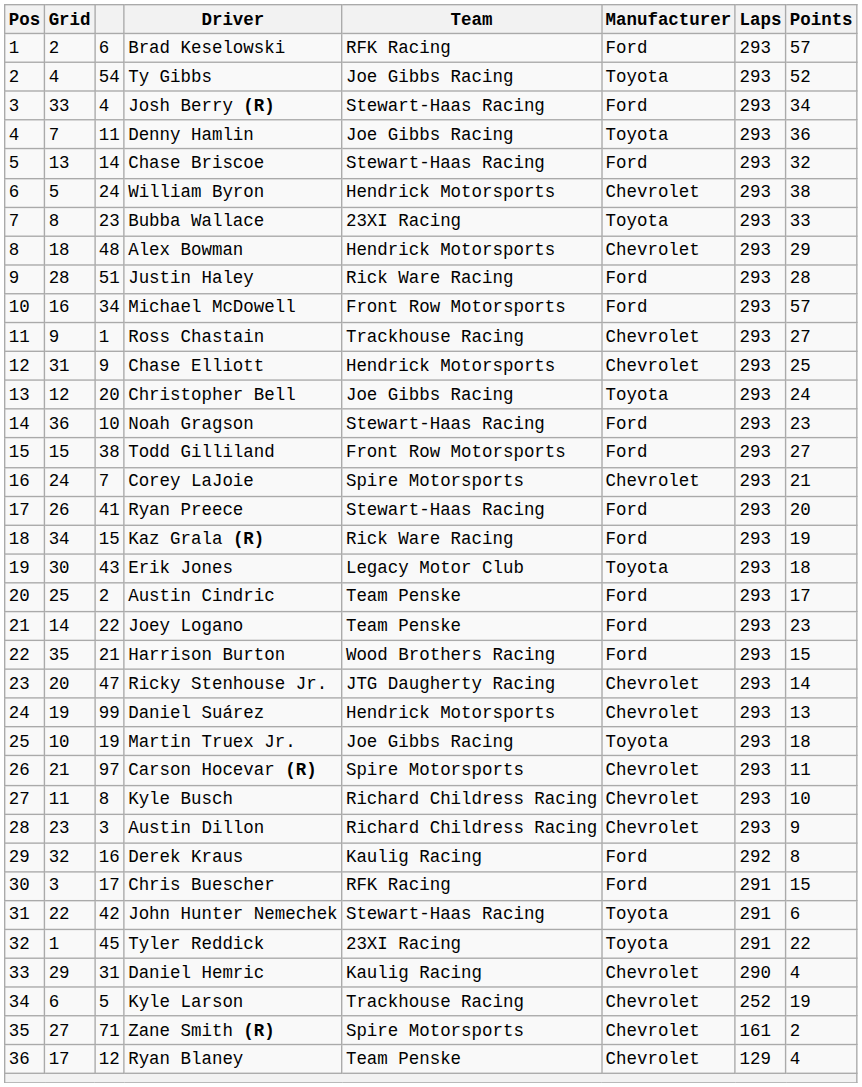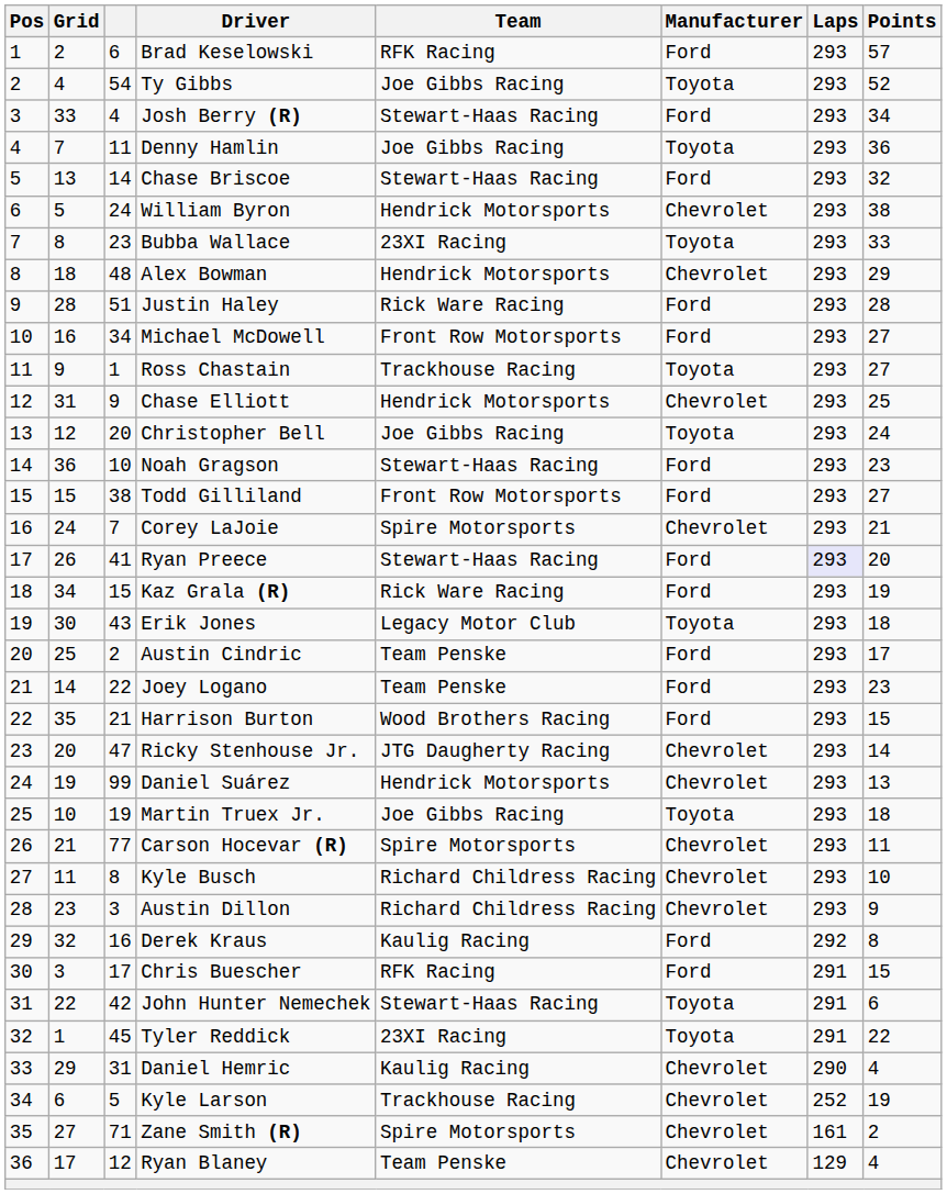 <table class="wikitable" style="font-size:98%">
 <tr>
 <th>Pos</th>
 <th>Grid</th>
 <th></th>
 <th>Driver</th>
 <th>Team</th>
 <th>Manufacturer</th>
 <th>Laps</th>
 <th>Points</th>
 </tr>
 <tr>
 <td>1</td>
 <td>2</td>
 <td>6</td>
 <td>Brad Keselowski</td>
 <td>RFK Racing</td>
 <td>Ford</td>
 <td>293</td>
 <td>57</td>
 </tr>
 <tr>
 <td>2</td>
 <td>4</td>
 <td>54</td>
 <td>Ty Gibbs</td>
 <td>Joe Gibbs Racing</td>
 <td>Toyota</td>
 <td>293</td>
 <td>52</td>
 </tr>
 <tr>
 <td>3</td>
 <td>33</td>
 <td>4</td>
 <td>Josh Berry <strong>(R)</strong></td>
 <td>Stewart-Haas Racing</td>
 <td>Ford</td>
 <td>293</td>
 <td>34</td>
 </tr>
 <tr>
 <td>4</td>
 <td>7</td>
 <td>11</td>
 <td>Denny Hamlin</td>
 <td>Joe Gibbs Racing</td>
 <td>Toyota</td>
 <td>293</td>
 <td>36</td>
 </tr>
 <tr>
 <td>5</td>
 <td>13</td>
 <td>14</td>
 <td>Chase Briscoe</td>
 <td>Stewart-Haas Racing</td>
 <td>Ford</td>
 <td>293</td>
 <td>32</td>
 </tr>
 <tr>
 <td>6</td>
 <td>5</td>
 <td>24</td>
 <td>William Byron</td>
 <td>Hendrick Motorsports</td>
 <td>Chevrolet</td>
 <td>293</td>
 <td>38</td>
 </tr>
 <tr>
 <td>7</td>
 <td>8</td>
 <td>23</td>
 <td>Bubba Wallace</td>
 <td>23XI Racing</td>
 <td>Toyota</td>
 <td>293</td>
 <td>33</td>
 </tr>
 <tr>
 <td>8</td>
 <td>18</td>
 <td>48</td>
 <td>Alex Bowman</td>
 <td>Hendrick Motorsports</td>
 <td>Chevrolet</td>
 <td>293</td>
 <td>29</td>
 </tr>
 <tr>
 <td>9</td>
 <td>28</td>
 <td>51</td>
 <td>Justin Haley</td>
 <td>Rick Ware Racing</td>
 <td>Ford</td>
 <td>293</td>
 <td>28</td>
 </tr>
 <tr>
 <td>10</td>
 <td>16</td>
 <td>34</td>
 <td>Michael McDowell</td>
 <td>Front Row Motorsports</td>
 <td>Ford</td>
 <td>293</td>
-<td>57</td>
+<td>27</td>
 </tr>
 <tr>
 <td>11</td>
 <td>9</td>
 <td>1</td>
 <td>Ross Chastain</td>
 <td>Trackhouse Racing</td>
-<td>Chevrolet</td>
+<td>Toyota</td>
 <td>293</td>
 <td>27</td>
 </tr>
 <tr>
 <td>12</td>
 <td>31</td>
 <td>9</td>
 <td>Chase Elliott</td>
 <td>Hendrick Motorsports</td>
 <td>Chevrolet</td>
 <td>293</td>
 <td>25</td>
 </tr>
 <tr>
 <td>13</td>
 <td>12</td>
 <td>20</td>
 <td>Christopher Bell</td>
 <td>Joe Gibbs Racing</td>
 <td>Toyota</td>
 <td>293</td>
 <td>24</td>
 </tr>
 <tr>
 <td>14</td>
 <td>36</td>
 <td>10</td>
 <td>Noah Gragson</td>
 <td>Stewart-Haas Racing</td>
 <td>Ford</td>
 <td>293</td>
 <td>23</td>
 </tr>
 <tr>
 <td>15</td>
 <td>15</td>
 <td>38</td>
 <td>Todd Gilliland</td>
 <td>Front Row Motorsports</td>
 <td>Ford</td>
 <td>293</td>
 <td>27</td>
 </tr>
 <tr>
 <td>16</td>
 <td>24</td>
 <td>7</td>
 <td>Corey LaJoie</td>
 <td>Spire Motorsports</td>
 <td>Chevrolet</td>
 <td>293</td>
 <td>21</td>
 </tr>
 <tr>
 <td>17</td>
 <td>26</td>
 <td>41</td>
 <td>Ryan Preece</td>
 <td>Stewart-Haas Racing</td>
 <td>Ford</td>
-<td>293</td>
+<td style="background: lavender;">293</td>
 <td>20</td>
 </tr>
 <tr>
 <td>18</td>
 <td>34</td>
 <td>15</td>
 <td>Kaz Grala <strong>(R)</strong></td>
 <td>Rick Ware Racing</td>
 <td>Ford</td>
 <td>293</td>
 <td>19</td>
 </tr>
 <tr>
 <td>19</td>
 <td>30</td>
 <td>43</td>
 <td>Erik Jones</td>
 <td>Legacy Motor Club</td>
 <td>Toyota</td>
 <td>293</td>
 <td>18</td>
 </tr>
 <tr>
 <td>20</td>
 <td>25</td>
 <td>2</td>
 <td>Austin Cindric</td>
 <td>Team Penske</td>
 <td>Ford</td>
 <td>293</td>
 <td>17</td>
 </tr>
 <tr>
 <td>21</td>
 <td>14</td>
 <td>22</td>
 <td>Joey Logano</td>
 <td>Team Penske</td>
 <td>Ford</td>
 <td>293</td>
 <td>23</td>
 </tr>
 <tr>
 <td>22</td>
 <td>35</td>
 <td>21</td>
 <td>Harrison Burton</td>
 <td>Wood Brothers Racing</td>
 <td>Ford</td>
 <td>293</td>
 <td>15</td>
 </tr>
 <tr>
 <td>23</td>
 <td>20</td>
 <td>47</td>
 <td>Ricky Stenhouse Jr.</td>
 <td>JTG Daugherty Racing</td>
 <td>Chevrolet</td>
 <td>293</td>
 <td>14</td>
 </tr>
 <tr>
 <td>24</td>
 <td>19</td>
 <td>99</td>
 <td>Daniel Suárez</td>
 <td>Hendrick Motorsports</td>
 <td>Chevrolet</td>
 <td>293</td>
 <td>13</td>
 </tr>
 <tr>
 <td>25</td>
 <td>10</td>
 <td>19</td>
 <td>Martin Truex Jr.</td>
 <td>Joe Gibbs Racing</td>
 <td>Toyota</td>
 <td>293</td>
 <td>18</td>
 </tr>
 <tr>
 <td>26</td>
 <td>21</td>
-<td>97</td>
+<td>77</td>
 <td>Carson Hocevar <strong>(R)</strong></td>
 <td>Spire Motorsports</td>
 <td>Chevrolet</td>
 <td>293</td>
 <td>11</td>
 </tr>
 <tr>
 <td>27</td>
 <td>11</td>
 <td>8</td>
 <td>Kyle Busch</td>
 <td>Richard Childress Racing</td>
 <td>Chevrolet</td>
 <td>293</td>
 <td>10</td>
 </tr>
 <tr>
 <td>28</td>
 <td>23</td>
 <td>3</td>
 <td>Austin Dillon</td>
 <td>Richard Childress Racing</td>
 <td>Chevrolet</td>
 <td>293</td>
 <td>9</td>
 </tr>
 <tr>
 <td>29</td>
 <td>32</td>
 <td>16</td>
 <td>Derek Kraus</td>
 <td>Kaulig Racing</td>
 <td>Ford</td>
 <td>292</td>
 <td>8</td>
 </tr>
 <tr>
 <td>30</td>
 <td>3</td>
 <td>17</td>
 <td>Chris Buescher</td>
 <td>RFK Racing</td>
 <td>Ford</td>
 <td>291</td>
 <td>15</td>
 </tr>
 <tr>
 <td>31</td>
 <td>22</td>
 <td>42</td>
 <td>John Hunter Nemechek</td>
 <td>Stewart-Haas Racing</td>
 <td>Toyota</td>
 <td>291</td>
 <td>6</td>
 </tr>
 <tr>
 <td>32</td>
 <td>1</td>
 <td>45</td>
 <td>Tyler Reddick</td>
 <td>23XI Racing</td>
 <td>Toyota</td>
 <td>291</td>
 <td>22</td>
 </tr>
 <tr>
 <td>33</td>
 <td>29</td>
 <td>31</td>
 <td>Daniel Hemric</td>
 <td>Kaulig Racing</td>
 <td>Chevrolet</td>
 <td>290</td>
 <td>4</td>
 </tr>
 <tr>
 <td>34</td>
 <td>6</td>
 <td>5</td>
 <td>Kyle Larson</td>
 <td>Trackhouse Racing</td>
 <td>Chevrolet</td>
 <td>252</td>
 <td>19</td>
 </tr>
 <tr>
 <td>35</td>
 <td>27</td>
 <td>71</td>
 <td>Zane Smith <strong>(R)</strong></td>
 <td>Spire Motorsports</td>
 <td>Chevrolet</td>
 <td>161</td>
 <td>2</td>
 </tr>
 <tr>
 <td>36</td>
 <td>17</td>
 <td>12</td>
 <td>Ryan Blaney</td>
 <td>Team Penske</td>
 <td>Chevrolet</td>
 <td>129</td>
 <td>4</td>
 </tr>
 <tr>
 <th colspan="8"></th>
 </tr>
 </table>
